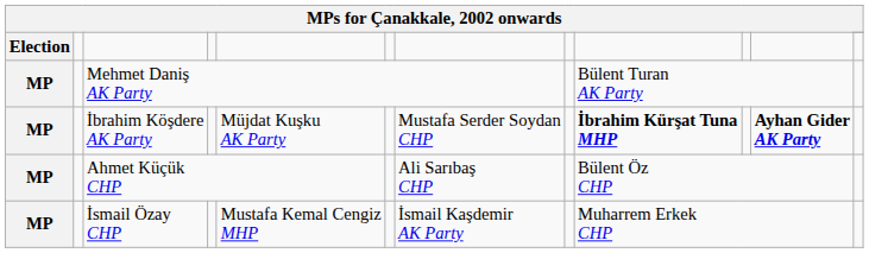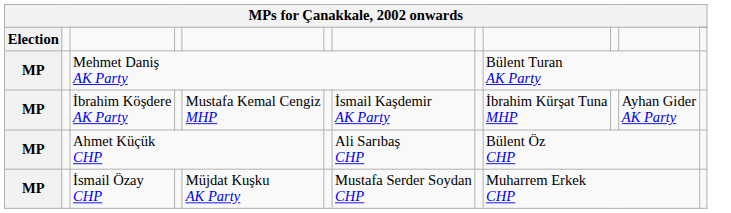 <table class="wikitable">
 <tr>
 <th colspan = 12>MPs for Çanakkale, 2002 onwards</th>
 </tr>
 <tr>
 <th rowspan = 2>Election</th>
 <td rowspan="2" style="width:1px;"></td>
 <td rowspan = 2></td>
 <td rowspan="2" style="width:1px;"></td>
 <td rowspan = 2></td>
 <td rowspan="2" style="width:1px;"></td>
 <td rowspan = 2></td>
 <td rowspan="2" style="width:1px;"></td>
 <td rowspan = 2></td>
 <td rowspan="2" style="width:1px;"></td>
 <td rowspan = 2></td>
 </tr>
 <tr>
 <td></td>
 </tr>
 <tr>
 <th>MP</th>
 <td width=1px style="background-color: "></td>
 <td colspan = 5>Mehmet Daniş<br><em><a href='#'>AK Party</a></em></td>
 <td width=1px style="background-color: "></td>
 <td colspan = 3>Bülent Turan<br><em><a href='#'>AK Party</a></em></td>
 <td width=1px style="background-color: "></td>
 </tr>
 <tr>
 <th>MP</th>
 <td width=1px style="background-color: "></td>
 <td colspan = 1>İbrahim Köşdere<br><em><a href='#'>AK Party</a></em></td>
 <td width=1px style="background-color: "></td>
-<td colspan = 1>Müjdat Kuşku<br><em><a href='#'>AK Party</a></em></td>
+<td colspan = 1>Mustafa Kemal Cengiz<br><em><a href='#'>MHP</a></em></td>
 <td width=1px style="background-color: "></td>
-<td colspan = 1>Mustafa Serder Soydan<br><em><a href='#'>CHP</a></em></td>
+<td colspan = 1>İsmail Kaşdemir<br><em><a href='#'>AK Party</a></em></td>
 <td width=1px style="background-color: "></td>
-<td colspan = 1><strong>İbrahim Kürşat Tuna<br><em><a href='#'>MHP</a></em></strong></td>
+<td colspan = 1>İbrahim Kürşat Tuna<br><em><a href='#'>MHP</a></em></td>
 <td width=1px style="background-color: "></td>
-<td colspan = 1><strong>Ayhan Gider<br><em><a href='#'>AK Party</a></em></strong></td>
+<td colspan = 1>Ayhan Gider<br><em><a href='#'>AK Party</a></em></td>
 <td width=1px style="background-color: "></td>
 </tr>
 <tr>
 <th>MP</th>
 <td width=1px style="background-color: "></td>
 <td colspan = 3>Ahmet Küçük<br><em><a href='#'>CHP</a></em></td>
 <td width=1px style="background-color: "></td>
 <td colspan = 1>Ali Sarıbaş<br><em><a href='#'>CHP</a></em></td>
 <td width=1px style="background-color: "></td>
 <td colspan = 3>Bülent Öz<br><em><a href='#'>CHP</a></em></td>
 <td width=1px style="background-color: "></td>
 </tr>
 <tr>
 <th>MP</th>
 <td width=1px style="background-color: "></td>
 <td colspan = 1>İsmail Özay<br><em><a href='#'>CHP</a></em></td>
 <td width=1px style="background-color: "></td>
-<td colspan = 1>Mustafa Kemal Cengiz<br><em><a href='#'>MHP</a></em></td>
+<td colspan = 1>Müjdat Kuşku<br><em><a href='#'>AK Party</a></em></td>
 <td width=1px style="background-color: "></td>
-<td colspan = 1>İsmail Kaşdemir<br><em><a href='#'>AK Party</a></em></td>
+<td colspan = 1>Mustafa Serder Soydan<br><em><a href='#'>CHP</a></em></td>
 <td width=1px style="background-color: "></td>
 <td colspan = 3>Muharrem Erkek<br><em><a href='#'>CHP</a></em></td>
 <td width=1px style="background-color: "></td>
 </tr>
 </table>
